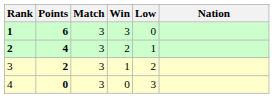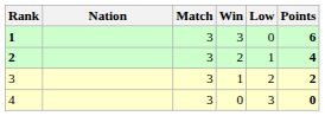 <table class="wikitable">
 <tr>
 <th width=20>Rank</th>
-<th width=20>Points</th>
+<th width=150>Nation</th>
 <th width=20>Match</th>
 <th width=20>Win</th>
 <th width=20>Low</th>
-<th width=150>Nation</th>
+<th width=20>Points</th>
 </tr>
 <tr align="right" style="background:#ccffcc;">
 <td align="left"><strong>1</strong></td>
-<td><strong>6</strong></td>
+<td align="left"></td>
 <td>3</td>
 <td>3</td>
 <td>0</td>
-<td align="left"></td>
+<td><strong>6</strong></td>
 </tr>
 <tr align="right" style="background:#ccffcc;">
 <td align="left"><strong>2</strong></td>
-<td><strong>4</strong></td>
+<td align="left"></td>
 <td>3</td>
 <td>2</td>
 <td>1</td>
-<td align="left"></td>
+<td><strong>4</strong></td>
 </tr>
 <tr align="right" style="background:#ffffcc;">
 <td align="left">3</td>
-<td><strong>2</strong></td>
+<td align="left"></td>
 <td>3</td>
 <td>1</td>
 <td>2</td>
-<td align="left"></td>
+<td><strong>2</strong></td>
 </tr>
 <tr align="right" style="background:#ffffcc;">
 <td align="left">4</td>
-<td><strong>0</strong></td>
+<td align="left"></td>
 <td>3</td>
 <td>0</td>
 <td>3</td>
-<td align="left"></td>
+<td><strong>0</strong></td>
 </tr>
 </table>
